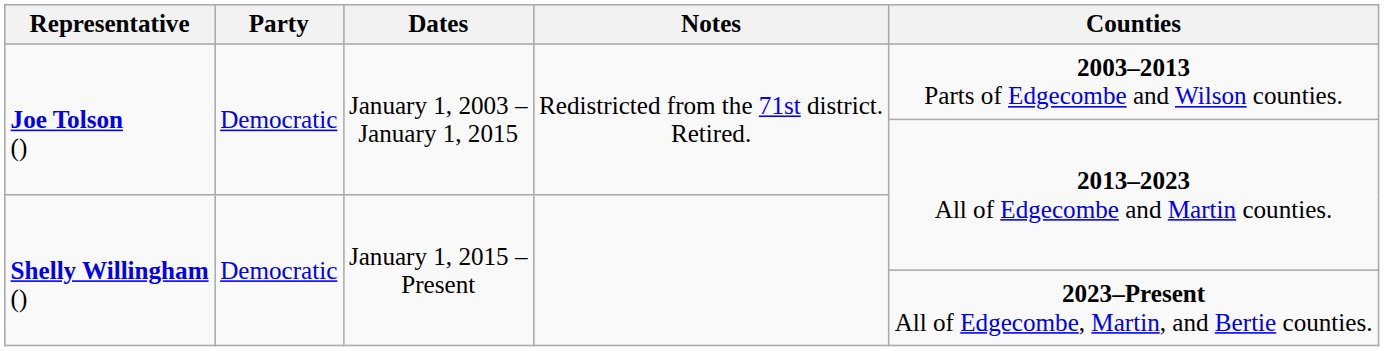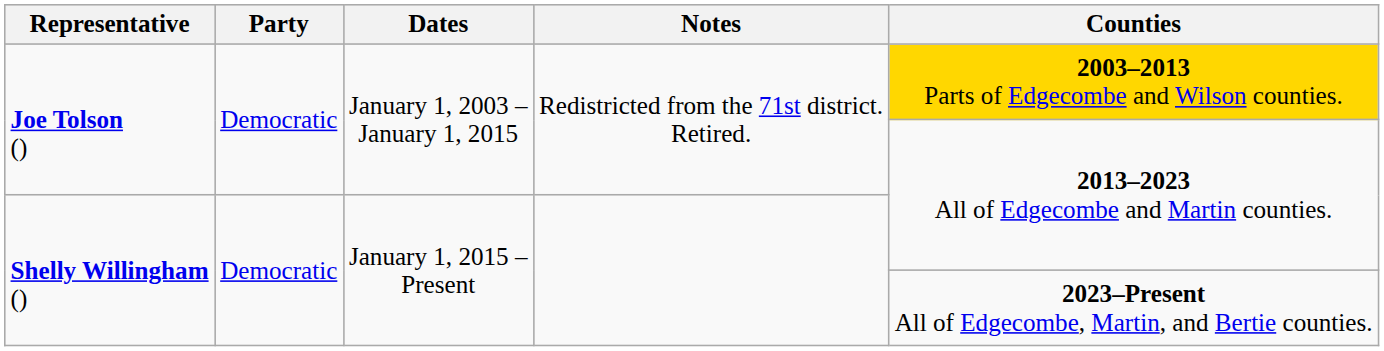 <table class=wikitable style="text-align:center">
 <tr>
 <th>Representative</th>
 <th>Party</th>
 <th>Dates</th>
 <th>Notes</th>
 <th>Counties</th>
 </tr>
 <tr style="height:3em">
 <td rowspan=2 align=left><br><strong><a href='#'>Joe Tolson</a></strong><br>()</td>
 <td rowspan=2 ><a href='#'>Democratic</a></td>
 <td rowspan=2 nowrap>January 1, 2003 – <br> January 1, 2015</td>
 <td rowspan=2>Redistricted from the <a href='#'>71st</a> district. <br> Retired.</td>
-<td><strong>2003–2013</strong> <br> Parts of <a href='#'>Edgecombe</a> and <a href='#'>Wilson</a> counties.</td>
+<td style="background: gold;"><strong>2003–2013</strong> <br> Parts of <a href='#'>Edgecombe</a> and <a href='#'>Wilson</a> counties.</td>
 </tr>
 <tr style="height:3em">
 <td rowspan=2><strong>2013–2023</strong> <br> All of <a href='#'>Edgecombe</a> and <a href='#'>Martin</a> counties.</td>
 </tr>
 <tr style="height:3em">
 <td rowspan=2 align=left><br><strong><a href='#'>Shelly Willingham</a></strong><br>()</td>
 <td rowspan=2 ><a href='#'>Democratic</a></td>
 <td rowspan=2 nowrap>January 1, 2015 – <br> Present</td>
 <td rowspan=2></td>
 </tr>
 <tr style="height:3em">
 <td><strong>2023–Present</strong> <br> All of <a href='#'>Edgecombe</a>, <a href='#'>Martin</a>, and <a href='#'>Bertie</a> counties.</td>
 </tr>
 </table>
